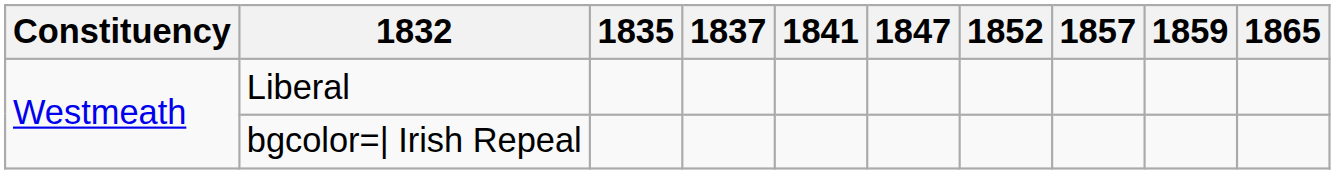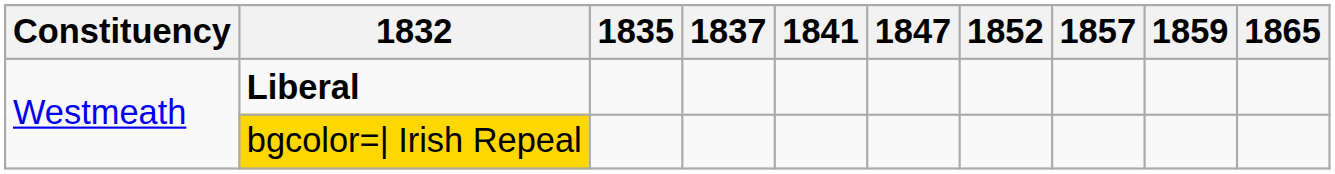 <table class=wikitable sortable>
 <tr>
 <th>Constituency</th>
 <th>1832</th>
 <th>1835</th>
 <th>1837</th>
 <th>1841</th>
 <th>1847</th>
 <th>1852</th>
 <th>1857</th>
 <th>1859</th>
 <th>1865</th>
 </tr>
 <tr>
 <td rowspan=2><a href='#'>Westmeath</a></td>
-<td bgcolor=>Liberal</td>
+<td bgcolor=><strong>Liberal</strong></td>
 <td></td>
 <td></td>
 <td></td>
 <td></td>
 <td></td>
 <td></td>
 <td></td>
 <td></td>
 </tr>
 <tr>
-<td align=center>bgcolor=| Irish Repeal</td>
+<td align=center style="background: gold;">bgcolor=| Irish Repeal</td>
 <td></td>
 <td></td>
 <td></td>
 <td></td>
 <td></td>
 <td></td>
 <td></td>
 <td></td>
 </tr>
 </table>
